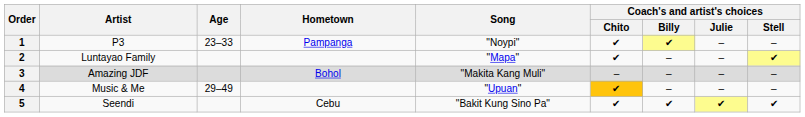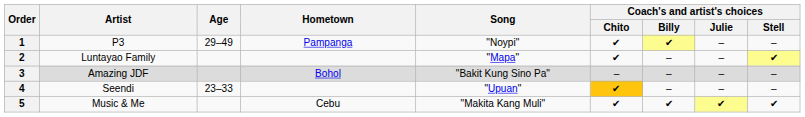 <table class="wikitable" style="text-align:center; line-height:17px; width:100%">
 <tr>
 <th scope=col rowspan=2 style="width:4%">Order</th>
 <th scope=col rowspan=2 style="width:18%">Artist</th>
 <th scope=col rowspan=2 style="width:5%">Age</th>
 <th scope=col rowspan=2 style="width:20%">Hometown</th>
 <th scope=col rowspan=2 style="width:20%">Song</th>
 <th scope=col colspan=4 style="width:24%">Coach's and artist's choices</th>
 </tr>
 <tr>
 <th style="width:6%">Chito</th>
 <th style="width:6%">Billy</th>
 <th style="width:6%">Julie</th>
 <th style="width:6%">Stell</th>
 </tr>
 <tr>
 <th>1</th>
 <td>P3</td>
-<td>23–33</td>
+<td>29–49</td>
 <td><a href='#'>Pampanga</a></td>
 <td>"Noypi"</td>
 <td>✔</td>
 <td style="background:#fdfc8f">✔</td>
 <td>–</td>
 <td>–</td>
 </tr>
 <tr>
 <th>2</th>
 <td>Luntayao Family</td>
 <td></td>
 <td></td>
 <td>"<a href='#'>Mapa</a>"</td>
 <td>✔</td>
 <td>–</td>
 <td>–</td>
 <td style="background:#fdfc8f">✔</td>
 </tr>
 <tr style="background:#dcdcdc">
 <th>3</th>
 <td>Amazing JDF</td>
 <td></td>
 <td><a href='#'>Bohol</a></td>
-<td>"Makita Kang Muli"</td>
+<td>"Bakit Kung Sino Pa"</td>
 <td>–</td>
 <td>–</td>
 <td>–</td>
 <td>–</td>
 </tr>
 <tr>
 <th>4</th>
-<td>Music & Me</td>
-<td>29–49</td>
+<td>Seendi</td>
+<td>23–33</td>
 <td></td>
 <td>"<a href='#'>Upuan</a>"</td>
 <td style="background:#ffc40c">✔</td>
 <td>–</td>
 <td>–</td>
 <td>–</td>
 </tr>
 <tr>
 <th>5</th>
-<td>Seendi</td>
+<td>Music & Me</td>
 <td></td>
 <td>Cebu</td>
-<td>"Bakit Kung Sino Pa"</td>
+<td>"Makita Kang Muli"</td>
 <td>✔</td>
 <td>✔</td>
 <td style="background:#fdfc8f">✔</td>
 <td>✔</td>
 </tr>
 </table>
